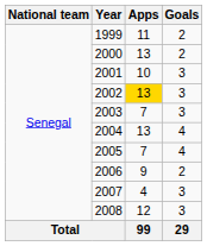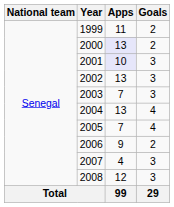 <table class="wikitable" style="text-align:center">
 <tr>
 <th>National team</th>
 <th>Year</th>
 <th>Apps</th>
 <th>Goals</th>
 </tr>
 <tr>
 <td rowspan="10"><a href='#'>Senegal</a></td>
 <td>1999</td>
 <td>11</td>
 <td>2</td>
 </tr>
 <tr>
 <td>2000</td>
-<td>13</td>
+<td style="background: lavender;">13</td>
 <td>2</td>
 </tr>
 <tr>
 <td>2001</td>
-<td>10</td>
+<td style="background: lavender;">10</td>
 <td>3</td>
 </tr>
 <tr>
 <td>2002</td>
-<td style="background: gold;">13</td>
+<td>13</td>
 <td>3</td>
 </tr>
 <tr>
 <td>2003</td>
 <td>7</td>
 <td>3</td>
 </tr>
 <tr>
 <td>2004</td>
 <td>13</td>
 <td>4</td>
 </tr>
 <tr>
 <td>2005</td>
 <td>7</td>
 <td>4</td>
 </tr>
 <tr>
 <td>2006</td>
 <td>9</td>
 <td>2</td>
 </tr>
 <tr>
 <td>2007</td>
 <td>4</td>
 <td>3</td>
 </tr>
 <tr>
 <td>2008</td>
 <td>12</td>
 <td>3</td>
 </tr>
 <tr>
 <th colspan="2">Total</th>
 <th>99</th>
 <th>29</th>
 </tr>
 </table>
